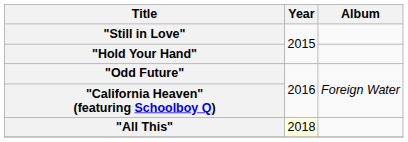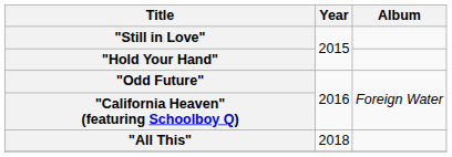 <table class="wikitable plainrowheaders" style="text-align:center;" border="1">
 <tr>
 <th scope="col" rowspan="1" style="width:22em;">Title</th>
 <th scope="col" rowspan="1">Year</th>
 <th scope="col" rowspan="1">Album</th>
 </tr>
 <tr>
 <th scope="row">"Still in Love"</th>
 <td rowspan="2">2015</td>
 <td></td>
 </tr>
 <tr>
 <th scope="row">"Hold Your Hand"</th>
 <td></td>
 </tr>
 <tr>
 <th scope="row">"Odd Future"</th>
 <td rowspan="2">2016</td>
 <td rowspan="2"><em>Foreign Water</em></td>
 </tr>
 <tr>
 <th scope="row">"California Heaven"<br><span>(featuring <a href='#'>Schoolboy Q</a>)</span></th>
 </tr>
 <tr>
 <th scope="row">"All This"</th>
-<td style="background: lightyellow;">2018</td>
+<td>2018</td>
 <td></td>
 </tr>
 <tr>
 </tr>
 </table>
